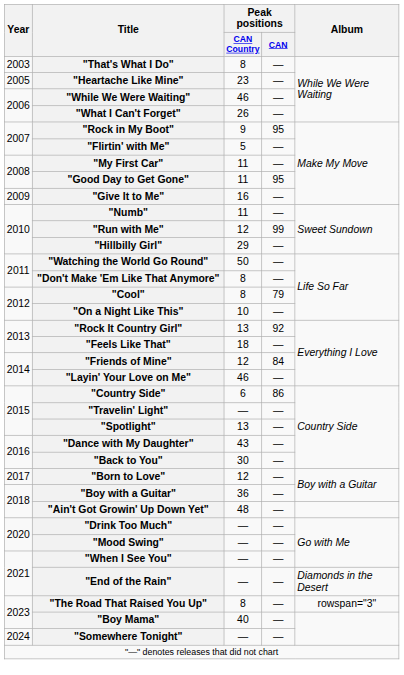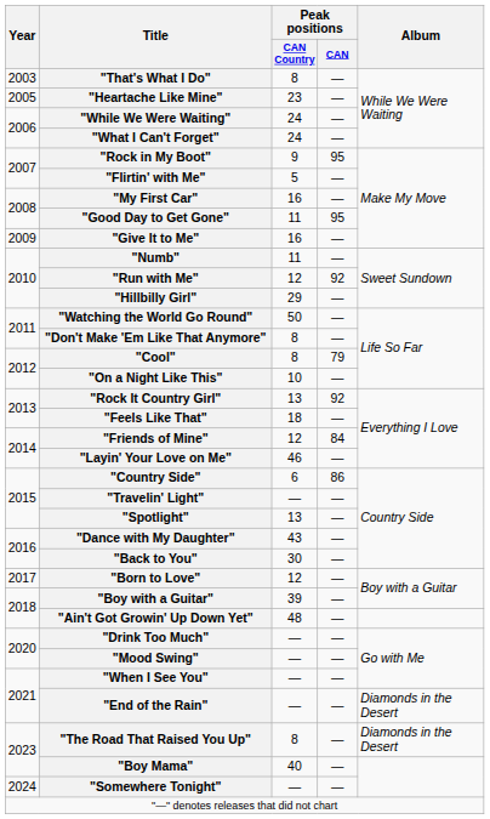 <table class="wikitable plainrowheaders" style="text-align:center;">
 <tr>
 <th rowspan="2">Year</th>
 <th rowspan="2" style="width:18em;">Title</th>
 <th colspan="2">Peak positions</th>
 <th rowspan="2">Album</th>
 </tr>
 <tr style="font-size:smaller;">
 <th width="45"><a href='#'>CAN Country</a><br></th>
 <th width="45"><a href='#'>CAN</a><br></th>
 </tr>
 <tr>
 <td>2003</td>
 <th scope="row">"That's What I Do"</th>
 <td>8</td>
 <td>—</td>
 <td align="left" rowspan="4"><em>While We Were Waiting</em></td>
 </tr>
 <tr>
 <td>2005</td>
 <th scope="row">"Heartache Like Mine"</th>
 <td>23</td>
 <td>—</td>
 </tr>
 <tr>
 <td rowspan="2">2006</td>
 <th scope="row">"While We Were Waiting"</th>
-<td>46</td>
+<td>24</td>
 <td>—</td>
 </tr>
 <tr>
 <th scope="row">"What I Can't Forget"</th>
-<td>26</td>
+<td>24</td>
 <td>—</td>
 </tr>
 <tr>
 <td rowspan="2">2007</td>
 <th scope="row">"Rock in My Boot"</th>
 <td>9</td>
 <td>95</td>
 <td align="left" rowspan="5"><em>Make My Move</em></td>
 </tr>
 <tr>
 <th scope="row">"Flirtin' with Me"</th>
 <td>5</td>
 <td>—</td>
 </tr>
 <tr>
 <td rowspan="2">2008</td>
 <th scope="row">"My First Car"</th>
-<td>11</td>
+<td>16</td>
 <td>—</td>
 </tr>
 <tr>
 <th scope="row">"Good Day to Get Gone"</th>
 <td>11</td>
 <td>95</td>
 </tr>
 <tr>
 <td>2009</td>
 <th scope="row">"Give It to Me"</th>
 <td>16</td>
 <td>—</td>
 </tr>
 <tr>
 <td rowspan="3">2010</td>
 <th scope="row">"Numb"</th>
 <td>11</td>
 <td>—</td>
 <td align="left" rowspan="3"><em>Sweet Sundown</em></td>
 </tr>
 <tr>
 <th scope="row">"Run with Me"</th>
 <td>12</td>
-<td>99</td>
+<td>92</td>
 </tr>
 <tr>
 <th scope="row">"Hillbilly Girl"</th>
 <td>29</td>
 <td>—</td>
 </tr>
 <tr>
 <td rowspan="2">2011</td>
 <th scope="row">"Watching the World Go Round"</th>
 <td>50</td>
 <td>—</td>
 <td align="left" rowspan="4"><em>Life So Far</em></td>
 </tr>
 <tr>
 <th scope="row">"Don't Make 'Em Like That Anymore"</th>
 <td>8</td>
 <td>—</td>
 </tr>
 <tr>
 <td rowspan="2">2012</td>
 <th scope="row">"Cool"</th>
 <td>8</td>
 <td>79</td>
 </tr>
 <tr>
 <th scope="row">"On a Night Like This"</th>
 <td>10</td>
 <td>—</td>
 </tr>
 <tr>
 <td rowspan="2">2013</td>
 <th scope="row">"Rock It Country Girl"</th>
 <td>13</td>
 <td>92</td>
 <td align="left" rowspan="4"><em>Everything I Love</em></td>
 </tr>
 <tr>
 <th scope="row">"Feels Like That"</th>
 <td>18</td>
 <td>—</td>
 </tr>
 <tr>
 <td rowspan="2">2014</td>
 <th scope="row">"Friends of Mine"</th>
 <td>12</td>
 <td>84</td>
 </tr>
 <tr>
 <th scope="row">"Layin' Your Love on Me"</th>
 <td>46</td>
 <td>—</td>
 </tr>
 <tr>
 <td rowspan="3">2015</td>
 <th scope="row">"Country Side"</th>
 <td>6</td>
 <td>86</td>
 <td align="left" rowspan="5"><em>Country Side</em></td>
 </tr>
 <tr>
 <th scope="row">"Travelin' Light"</th>
 <td>—</td>
 <td>—</td>
 </tr>
 <tr>
 <th scope="row">"Spotlight"</th>
 <td>13</td>
 <td>—</td>
 </tr>
 <tr>
 <td rowspan="2">2016</td>
 <th scope="row">"Dance with My Daughter"</th>
 <td>43</td>
 <td>—</td>
 </tr>
 <tr>
 <th scope="row">"Back to You"</th>
 <td>30</td>
 <td>—</td>
 </tr>
 <tr>
 <td>2017</td>
 <th scope="row">"Born to Love"</th>
 <td>12</td>
 <td>—</td>
 <td rowspan="2" align="left"><em>Boy with a Guitar</em></td>
 </tr>
 <tr>
 <td rowspan="2">2018</td>
 <th scope="row">"Boy with a Guitar"</th>
-<td>36</td>
+<td>39</td>
 <td>—</td>
 </tr>
 <tr>
 <th scope="row">"Ain't Got Growin' Up Down Yet"</th>
 <td>48</td>
 <td>—</td>
 <td></td>
 </tr>
 <tr>
 <td rowspan="2">2020</td>
 <th scope="row">"Drink Too Much"</th>
 <td>—</td>
 <td>—</td>
 <td rowspan="3" align="left"><em>Go with Me</em></td>
 </tr>
 <tr>
 <th scope="row">"Mood Swing"</th>
 <td>—</td>
 <td>—</td>
 </tr>
 <tr>
 <td rowspan="2">2021</td>
 <th scope="row">"When I See You"</th>
 <td>—</td>
 <td>—</td>
 </tr>
 <tr>
 <th scope="row">"End of the Rain"</th>
 <td>—</td>
 <td>—</td>
 <td align="left"><em>Diamonds in the Desert</em></td>
 </tr>
 <tr>
 <td rowspan="2">2023</td>
 <th scope="row">"The Road That Raised You Up"</th>
 <td>8</td>
 <td>—</td>
-<td>rowspan="3" </td>
+<td align="left"><em>Diamonds in the Desert</em></td>
 </tr>
 <tr>
 <th scope="row">"Boy Mama"</th>
 <td>40</td>
 <td>—</td>
 </tr>
 <tr>
 <td>2024</td>
 <th scope="row">"Somewhere Tonight"</th>
 <td>—</td>
 <td>—</td>
 </tr>
 <tr>
 <td colspan="5" style="font-size:85%">"—" denotes releases that did not chart</td>
 </tr>
 </table>
